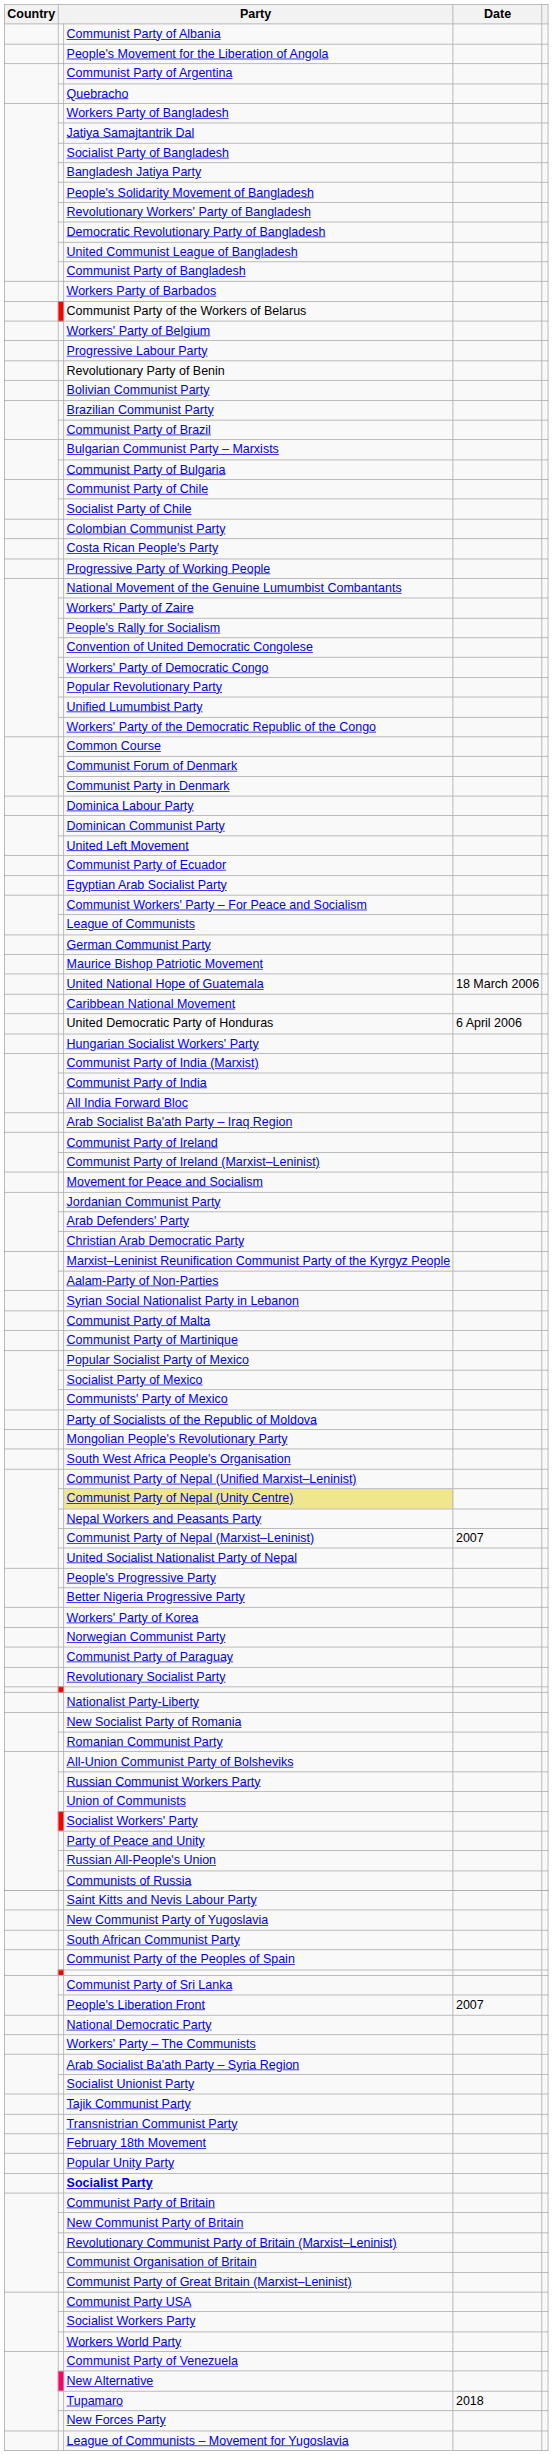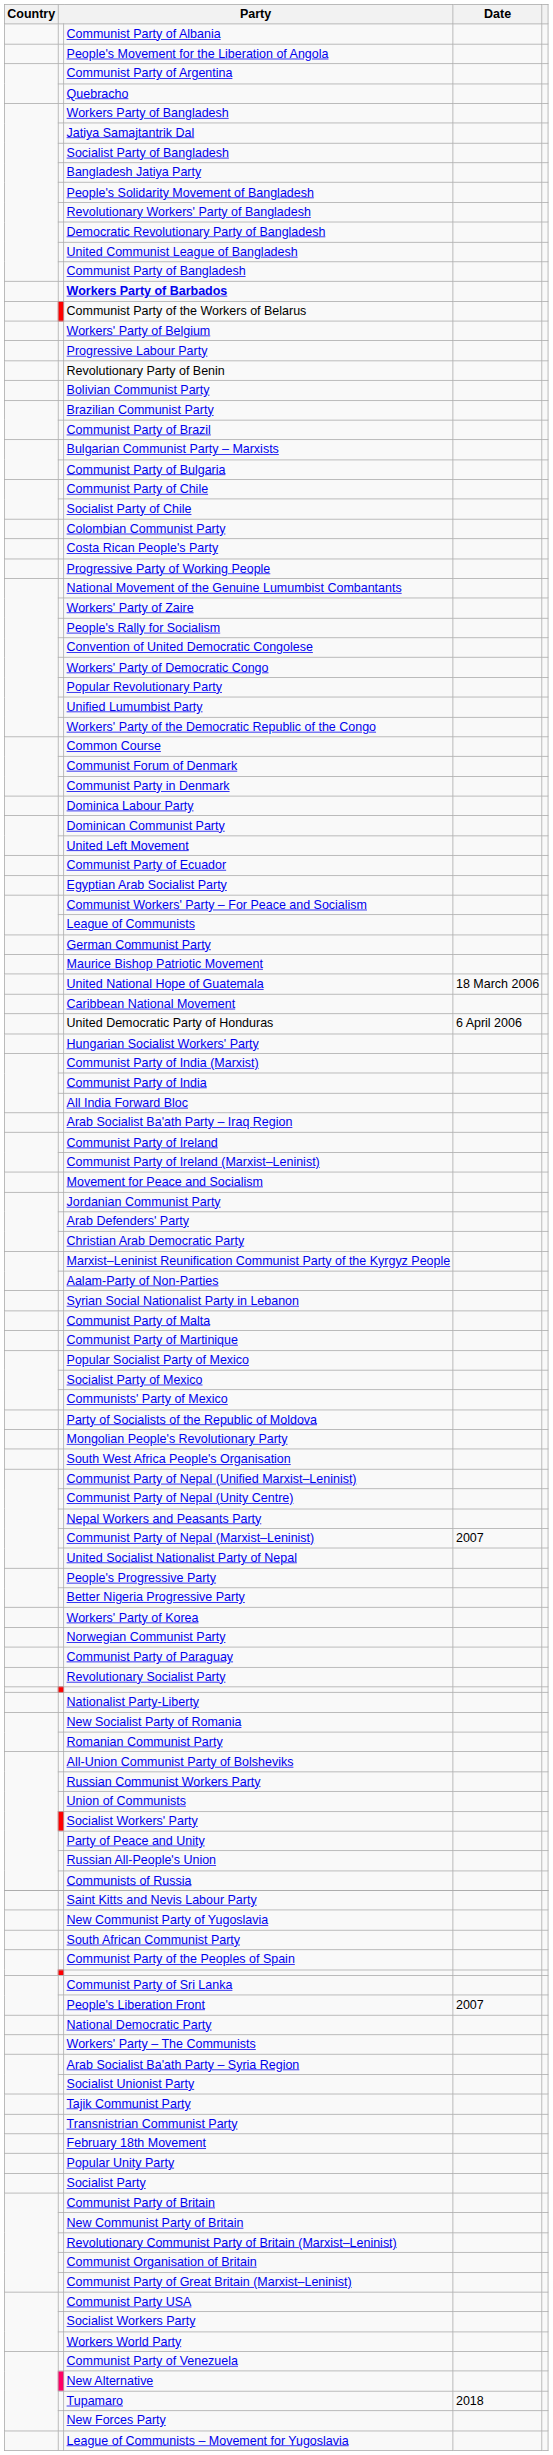 <table class="wikitable sortable">
 <tr>
 <th>Country</th>
 <th colspan="2">Party</th>
 <th>Date</th>
 <th class="unsortable"></th>
 </tr>
 <tr>
 <td></td>
 <td style="background-color: "></td>
 <td><a href='#'>Communist Party of Albania</a></td>
 <td></td>
 <td></td>
 </tr>
 <tr>
 <td></td>
 <td style="background-color: "></td>
 <td><a href='#'>People's Movement for the Liberation of Angola</a></td>
 <td></td>
 <td></td>
 </tr>
 <tr>
 <td rowspan=2></td>
 <td style="background-color: "></td>
 <td><a href='#'>Communist Party of Argentina</a></td>
 <td></td>
 <td></td>
 </tr>
 <tr>
 <td></td>
 <td><a href='#'>Quebracho</a></td>
 <td></td>
 <td></td>
 </tr>
 <tr>
 <td rowspan=9></td>
 <td style="background-color: "></td>
 <td><a href='#'>Workers Party of Bangladesh</a></td>
 <td></td>
 <td></td>
 </tr>
 <tr>
 <td style="background-color: "></td>
 <td><a href='#'>Jatiya Samajtantrik Dal</a></td>
 <td></td>
 <td></td>
 </tr>
 <tr>
 <td style="background-color: "></td>
 <td><a href='#'>Socialist Party of Bangladesh</a></td>
 <td></td>
 <td></td>
 </tr>
 <tr>
 <td style="background-color: "></td>
 <td><a href='#'>Bangladesh Jatiya Party</a></td>
 <td></td>
 <td></td>
 </tr>
 <tr>
 <td></td>
 <td><a href='#'>People's Solidarity Movement of Bangladesh</a></td>
 <td></td>
 <td></td>
 </tr>
 <tr>
 <td style="background-color: "></td>
 <td><a href='#'>Revolutionary Workers' Party of Bangladesh</a></td>
 <td></td>
 <td></td>
 </tr>
 <tr>
 <td></td>
 <td><a href='#'>Democratic Revolutionary Party of Bangladesh</a></td>
 <td></td>
 <td></td>
 </tr>
 <tr>
 <td style="background-color: "></td>
 <td><a href='#'>United Communist League of Bangladesh</a></td>
 <td></td>
 <td></td>
 </tr>
 <tr>
 <td style="background-color: "></td>
 <td><a href='#'>Communist Party of Bangladesh</a></td>
 <td></td>
 <td></td>
 </tr>
 <tr>
 <td></td>
 <td style="background-color: "></td>
-<td><a href='#'>Workers Party of Barbados</a></td>
+<td><strong><a href='#'>Workers Party of Barbados</a></strong></td>
 <td></td>
 <td></td>
 </tr>
 <tr>
 <td></td>
 <td style="background-color: #FF0000"></td>
 <td>Communist Party of the Workers of Belarus</td>
 <td></td>
 <td></td>
 </tr>
 <tr>
 <td></td>
 <td style="background-color: "></td>
 <td><a href='#'>Workers' Party of Belgium</a></td>
 <td></td>
 <td></td>
 </tr>
 <tr>
 <td></td>
 <td style="background-color: "></td>
 <td><a href='#'>Progressive Labour Party</a></td>
 <td></td>
 <td></td>
 </tr>
 <tr>
 <td></td>
 <td></td>
 <td>Revolutionary Party of Benin</td>
 <td></td>
 <td></td>
 </tr>
 <tr>
 <td></td>
 <td style="background-color: "></td>
 <td><a href='#'>Bolivian Communist Party</a></td>
 <td></td>
 <td></td>
 </tr>
 <tr>
 <td rowspan=2></td>
 <td style="background-color: "></td>
 <td><a href='#'>Brazilian Communist Party</a></td>
 <td></td>
 <td></td>
 </tr>
 <tr>
 <td style="background-color: "></td>
 <td><a href='#'>Communist Party of Brazil</a></td>
 <td></td>
 <td></td>
 </tr>
 <tr>
 <td rowspan=2></td>
 <td style="background-color: "></td>
 <td><a href='#'>Bulgarian Communist Party – Marxists</a></td>
 <td></td>
 <td></td>
 </tr>
 <tr>
 <td style="background-color: "></td>
 <td><a href='#'>Communist Party of Bulgaria</a></td>
 <td></td>
 <td></td>
 </tr>
 <tr>
 <td rowspan=2></td>
 <td style="background-color: "></td>
 <td><a href='#'>Communist Party of Chile</a></td>
 <td></td>
 <td></td>
 </tr>
 <tr>
 <td style="background-color: "></td>
 <td><a href='#'>Socialist Party of Chile</a></td>
 <td></td>
 <td></td>
 </tr>
 <tr>
 <td></td>
 <td style="background-color: "></td>
 <td><a href='#'>Colombian Communist Party</a></td>
 <td></td>
 <td></td>
 </tr>
 <tr>
 <td></td>
 <td style="background-color: "></td>
 <td><a href='#'>Costa Rican People's Party</a></td>
 <td></td>
 <td></td>
 </tr>
 <tr>
 <td></td>
 <td style="background-color: "></td>
 <td><a href='#'>Progressive Party of Working People</a></td>
 <td></td>
 <td></td>
 </tr>
 <tr>
 <td rowspan=8></td>
 <td></td>
 <td><a href='#'>National Movement of the Genuine Lumumbist Combantants</a></td>
 <td></td>
 <td></td>
 </tr>
 <tr>
 <td style="background-color: "></td>
 <td><a href='#'>Workers' Party of Zaire</a></td>
 <td></td>
 <td></td>
 </tr>
 <tr>
 <td style="background-color: "></td>
 <td><a href='#'>People's Rally for Socialism</a></td>
 <td></td>
 <td></td>
 </tr>
 <tr>
 <td></td>
 <td><a href='#'>Convention of United Democratic Congolese</a></td>
 <td></td>
 <td></td>
 </tr>
 <tr>
 <td style="background-color: "></td>
 <td><a href='#'>Workers' Party of Democratic Congo</a></td>
 <td></td>
 <td></td>
 </tr>
 <tr>
 <td></td>
 <td><a href='#'>Popular Revolutionary Party</a></td>
 <td></td>
 <td></td>
 </tr>
 <tr>
 <td style="background-color: "></td>
 <td><a href='#'>Unified Lumumbist Party</a></td>
 <td></td>
 <td></td>
 </tr>
 <tr>
 <td style="background-color: "></td>
 <td><a href='#'>Workers' Party of the Democratic Republic of the Congo</a></td>
 <td></td>
 <td></td>
 </tr>
 <tr>
 <td rowspan=3></td>
 <td style="background-color: "></td>
 <td><a href='#'>Common Course</a></td>
 <td></td>
 <td></td>
 </tr>
 <tr>
 <td style="background-color: "></td>
 <td><a href='#'>Communist Forum of Denmark</a></td>
 <td></td>
 <td></td>
 </tr>
 <tr>
 <td style="background-color: "></td>
 <td><a href='#'>Communist Party in Denmark</a></td>
 <td></td>
 <td></td>
 </tr>
 <tr>
 <td></td>
 <td style="background-color: "></td>
 <td><a href='#'>Dominica Labour Party</a></td>
 <td></td>
 <td></td>
 </tr>
 <tr>
 <td rowspan=2></td>
 <td style="background-color: "></td>
 <td><a href='#'>Dominican Communist Party</a></td>
 <td></td>
 <td></td>
 </tr>
 <tr>
 <td style="background-color: "></td>
 <td><a href='#'>United Left Movement</a></td>
 <td></td>
 <td></td>
 </tr>
 <tr>
 <td></td>
 <td style="background-color: "></td>
 <td><a href='#'>Communist Party of Ecuador</a></td>
 <td></td>
 <td></td>
 </tr>
 <tr>
 <td></td>
 <td style="background-color: "></td>
 <td><a href='#'>Egyptian Arab Socialist Party</a></td>
 <td></td>
 <td></td>
 </tr>
 <tr>
 <td rowspan=2></td>
 <td style="background-color: "></td>
 <td><a href='#'>Communist Workers' Party – For Peace and Socialism</a></td>
 <td></td>
 <td></td>
 </tr>
 <tr>
 <td style="background-color: "></td>
 <td><a href='#'>League of Communists</a></td>
 <td></td>
 <td></td>
 </tr>
 <tr>
 <td></td>
 <td style="background-color: "></td>
 <td><a href='#'>German Communist Party</a></td>
 <td></td>
 <td></td>
 </tr>
 <tr>
 <td></td>
 <td></td>
 <td><a href='#'>Maurice Bishop Patriotic Movement</a></td>
 <td></td>
 <td></td>
 </tr>
 <tr>
 <td></td>
 <td></td>
 <td><a href='#'>United National Hope of Guatemala</a></td>
 <td>18 March 2006</td>
 <td></td>
 </tr>
 <tr>
 <td></td>
 <td></td>
 <td><a href='#'>Caribbean National Movement</a></td>
 <td></td>
 <td></td>
 </tr>
 <tr>
 <td></td>
 <td></td>
 <td>United Democratic Party of Honduras</td>
 <td>6 April 2006</td>
 <td></td>
 </tr>
 <tr>
 <td></td>
 <td style="background-color: "></td>
 <td><a href='#'>Hungarian Socialist Workers' Party</a></td>
 <td></td>
 <td></td>
 </tr>
 <tr>
 <td rowspan=3></td>
 <td style="background-color: "></td>
 <td><a href='#'>Communist Party of India (Marxist)</a></td>
 <td></td>
 <td></td>
 </tr>
 <tr>
 <td style="background-color: "></td>
 <td><a href='#'>Communist Party of India</a></td>
 <td></td>
 <td></td>
 </tr>
 <tr>
 <td style="background-color: "></td>
 <td><a href='#'>All India Forward Bloc</a></td>
 <td></td>
 <td></td>
 </tr>
 <tr>
 <td></td>
 <td style="background-color: "></td>
 <td><a href='#'>Arab Socialist Ba'ath Party – Iraq Region</a></td>
 <td></td>
 <td></td>
 </tr>
 <tr>
 <td rowspan=2></td>
 <td style="background-color: "></td>
 <td><a href='#'>Communist Party of Ireland</a></td>
 <td></td>
 <td></td>
 </tr>
 <tr>
 <td style="background-color: "></td>
 <td><a href='#'>Communist Party of Ireland (Marxist–Leninist)</a></td>
 <td></td>
 <td></td>
 </tr>
 <tr>
 <td></td>
 <td style="background-color: "></td>
 <td><a href='#'>Movement for Peace and Socialism</a></td>
 <td></td>
 <td></td>
 </tr>
 <tr>
 <td rowspan=3></td>
 <td style="background-color: "></td>
 <td><a href='#'>Jordanian Communist Party</a></td>
 <td></td>
 <td></td>
 </tr>
 <tr>
 <td></td>
 <td><a href='#'>Arab Defenders' Party</a></td>
 <td></td>
 <td></td>
 </tr>
 <tr>
 <td></td>
 <td><a href='#'>Christian Arab Democratic Party</a></td>
 <td></td>
 <td></td>
 </tr>
 <tr>
 <td rowspan=2></td>
 <td style="background-color: "></td>
 <td><a href='#'>Marxist–Leninist Reunification Communist Party of the Kyrgyz People</a></td>
 <td></td>
 <td></td>
 </tr>
 <tr>
 <td></td>
 <td><a href='#'>Aalam-Party of Non-Parties</a></td>
 <td></td>
 <td></td>
 </tr>
 <tr>
 <td></td>
 <td style="background-color: "></td>
 <td><a href='#'>Syrian Social Nationalist Party in Lebanon</a></td>
 <td></td>
 <td></td>
 </tr>
 <tr>
 <td></td>
 <td style="background-color: "></td>
 <td><a href='#'>Communist Party of Malta</a></td>
 <td></td>
 <td></td>
 </tr>
 <tr>
 <td></td>
 <td style="background-color: "></td>
 <td><a href='#'>Communist Party of Martinique</a></td>
 <td></td>
 <td></td>
 </tr>
 <tr>
 <td rowspan=3></td>
 <td style="background-color: "></td>
 <td><a href='#'>Popular Socialist Party of Mexico</a></td>
 <td></td>
 <td></td>
 </tr>
 <tr>
 <td style="background-color: "></td>
 <td><a href='#'>Socialist Party of Mexico</a></td>
 <td></td>
 <td></td>
 </tr>
 <tr>
 <td style="background-color: "></td>
 <td><a href='#'>Communists' Party of Mexico</a></td>
 <td></td>
 <td></td>
 </tr>
 <tr>
 <td></td>
 <td style="background-color: "></td>
 <td><a href='#'>Party of Socialists of the Republic of Moldova</a></td>
 <td></td>
 <td></td>
 </tr>
 <tr>
 <td></td>
 <td style="background-color: "></td>
 <td><a href='#'>Mongolian People's Revolutionary Party</a></td>
 <td></td>
 <td></td>
 </tr>
 <tr>
 <td></td>
 <td style="background-color: "></td>
 <td><a href='#'>South West Africa People's Organisation</a></td>
 <td></td>
 <td></td>
 </tr>
 <tr>
 <td rowspan=5></td>
 <td style="background-color: "></td>
 <td><a href='#'>Communist Party of Nepal (Unified Marxist–Leninist)</a></td>
 <td></td>
 <td></td>
 </tr>
 <tr>
 <td style="background-color: "></td>
-<td style="background: khaki;"><a href='#'>Communist Party of Nepal (Unity Centre)</a></td>
+<td><a href='#'>Communist Party of Nepal (Unity Centre)</a></td>
 <td></td>
 <td></td>
 </tr>
 <tr>
 <td style="background-color: "></td>
 <td><a href='#'>Nepal Workers and Peasants Party</a></td>
 <td></td>
 <td></td>
 </tr>
 <tr>
 <td style="background-color: "></td>
 <td><a href='#'>Communist Party of Nepal (Marxist–Leninist)</a></td>
 <td>2007</td>
 <td></td>
 </tr>
 <tr>
 <td style="background-color: "></td>
 <td><a href='#'>United Socialist Nationalist Party of Nepal</a></td>
 <td></td>
 <td></td>
 </tr>
 <tr>
 <td rowspan=2></td>
 <td></td>
 <td><a href='#'>People's Progressive Party</a></td>
 <td></td>
 <td></td>
 </tr>
 <tr>
 <td></td>
 <td><a href='#'>Better Nigeria Progressive Party</a></td>
 <td></td>
 <td></td>
 </tr>
 <tr>
 <td></td>
 <td style="background-color: "></td>
 <td><a href='#'>Workers' Party of Korea</a></td>
 <td></td>
 <td></td>
 </tr>
 <tr>
 <td></td>
 <td style="background-color: "></td>
 <td><a href='#'>Norwegian Communist Party</a></td>
 <td></td>
 <td></td>
 </tr>
 <tr>
 <td></td>
 <td style="background-color: "></td>
 <td><a href='#'>Communist Party of Paraguay</a></td>
 <td></td>
 <td></td>
 </tr>
 <tr>
 <td></td>
 <td style="background-color: "></td>
 <td><a href='#'>Revolutionary Socialist Party</a></td>
 <td></td>
 <td></td>
 </tr>
 <tr>
 <td></td>
 <td style="background-color: Red"></td>
 <td></td>
 <td></td>
 <td></td>
 </tr>
 <tr>
 <td></td>
 <td></td>
 <td><a href='#'>Nationalist Party-Liberty</a></td>
 <td></td>
 <td></td>
 </tr>
 <tr>
 <td rowspan=2></td>
 <td style="background-color: "></td>
 <td><a href='#'>New Socialist Party of Romania</a></td>
 <td></td>
 <td></td>
 </tr>
 <tr>
 <td style="background-color: "></td>
 <td><a href='#'>Romanian Communist Party</a></td>
 <td></td>
 <td></td>
 </tr>
 <tr>
 <td rowspan=7></td>
 <td style="background-color: "></td>
 <td><a href='#'>All-Union Communist Party of Bolsheviks</a></td>
 <td></td>
 <td></td>
 </tr>
 <tr>
 <td style="background-color: "></td>
 <td><a href='#'>Russian Communist Workers Party</a></td>
 <td></td>
 <td></td>
 </tr>
 <tr>
 <td style="background-color: "></td>
 <td><a href='#'>Union of Communists</a></td>
 <td></td>
 <td></td>
 </tr>
 <tr>
 <td style="background-color:#FF0000"></td>
 <td><a href='#'>Socialist Workers' Party</a></td>
 <td></td>
 <td></td>
 </tr>
 <tr>
 <td style="background-color: "></td>
 <td><a href='#'>Party of Peace and Unity</a></td>
 <td></td>
 <td></td>
 </tr>
 <tr>
 <td style="background-color: "></td>
 <td><a href='#'>Russian All-People's Union</a></td>
 <td></td>
 <td></td>
 </tr>
 <tr>
 <td style="background-color: "></td>
 <td><a href='#'>Communists of Russia</a></td>
 <td></td>
 <td></td>
 </tr>
 <tr>
 </tr>
 <tr>
 <td></td>
 <td style="background-color: "></td>
 <td><a href='#'>Saint Kitts and Nevis Labour Party</a></td>
 <td></td>
 <td></td>
 </tr>
 <tr>
 <td></td>
 <td></td>
 <td><a href='#'>New Communist Party of Yugoslavia</a></td>
 <td></td>
 <td></td>
 </tr>
 <tr>
 <td></td>
 <td style="background-color: "></td>
 <td><a href='#'>South African Communist Party</a></td>
 <td></td>
 <td></td>
 </tr>
 <tr>
 <td rowspan=2></td>
 <td style="background-color: "></td>
 <td><a href='#'>Communist Party of the Peoples of Spain</a></td>
 <td></td>
 <td></td>
 </tr>
 <tr>
 <td style="background-color: #FF0002"></td>
 <td></td>
 <td></td>
 <td></td>
 </tr>
 <tr>
 <td rowspan=2></td>
 <td style="background-color: "></td>
 <td><a href='#'>Communist Party of Sri Lanka</a></td>
 <td></td>
 <td></td>
 </tr>
 <tr>
 <td style="background-color: "></td>
 <td><a href='#'>People's Liberation Front</a></td>
 <td>2007</td>
 <td></td>
 </tr>
 <tr>
 <td></td>
 <td style="background-color: "></td>
 <td><a href='#'>National Democratic Party</a></td>
 <td></td>
 <td></td>
 </tr>
 <tr>
 <td></td>
 <td style="background-color: "></td>
 <td><a href='#'>Workers' Party – The Communists</a></td>
 <td></td>
 <td></td>
 </tr>
 <tr>
 <td rowspan=2></td>
 <td style="background-color: "></td>
 <td><a href='#'>Arab Socialist Ba'ath Party – Syria Region</a></td>
 <td></td>
 <td></td>
 </tr>
 <tr>
 <td style="background-color: "></td>
 <td><a href='#'>Socialist Unionist Party</a></td>
 <td></td>
 <td></td>
 </tr>
 <tr>
 <td></td>
 <td style="background-color: "></td>
 <td><a href='#'>Tajik Communist Party</a></td>
 <td></td>
 <td></td>
 </tr>
 <tr>
 <td></td>
 <td style="background-color: "></td>
 <td><a href='#'>Transnistrian Communist Party</a></td>
 <td></td>
 <td></td>
 </tr>
 <tr>
 <td></td>
 <td></td>
 <td><a href='#'>February 18th Movement</a></td>
 <td></td>
 <td></td>
 </tr>
 <tr>
 <td></td>
 <td style="background-color: "></td>
 <td><a href='#'>Popular Unity Party</a></td>
 <td></td>
 <td></td>
 </tr>
 <tr>
 <td></td>
 <td style="background-color: "></td>
-<td><strong><a href='#'>Socialist Party</a></strong></td>
+<td><a href='#'>Socialist Party</a></td>
 <td></td>
 <td></td>
 </tr>
 <tr>
 <td rowspan=5></td>
 <td style="background-color: "></td>
 <td><a href='#'>Communist Party of Britain</a></td>
 <td></td>
 <td></td>
 </tr>
 <tr>
 <td style="background-color: "></td>
 <td><a href='#'>New Communist Party of Britain</a></td>
 <td></td>
 <td></td>
 </tr>
 <tr>
 <td style="background-color: "></td>
 <td><a href='#'>Revolutionary Communist Party of Britain (Marxist–Leninist)</a></td>
 <td></td>
 <td></td>
 </tr>
 <tr>
 <td style="background-color: "></td>
 <td><a href='#'>Communist Organisation of Britain</a></td>
 <td></td>
 <td></td>
 </tr>
 <tr>
 <td style="background-color: "></td>
 <td><a href='#'>Communist Party of Great Britain (Marxist–Leninist)</a></td>
 <td></td>
 <td></td>
 </tr>
 <tr>
 <td rowspan=3></td>
 <td style="background-color: "></td>
 <td><a href='#'>Communist Party USA</a></td>
 <td></td>
 <td></td>
 </tr>
 <tr>
 <td style="background-color: "></td>
 <td><a href='#'>Socialist Workers Party</a></td>
 <td></td>
 <td></td>
 </tr>
 <tr>
 <td style="background-color: "></td>
 <td><a href='#'>Workers World Party</a></td>
 <td></td>
 <td></td>
 </tr>
 <tr>
 <td rowspan=4></td>
 <td style="background-color: "></td>
 <td><a href='#'>Communist Party of Venezuela</a></td>
 <td></td>
 <td></td>
 </tr>
 <tr>
 <td style="background-color: #FF0066"></td>
 <td><a href='#'>New Alternative</a></td>
 <td></td>
 <td></td>
 </tr>
 <tr>
 <td style="background-color: "></td>
 <td><a href='#'>Tupamaro</a></td>
 <td>2018</td>
 <td></td>
 </tr>
 <tr>
 <td></td>
 <td><a href='#'>New Forces Party</a></td>
 <td></td>
 <td></td>
 </tr>
 <tr>
 <td></td>
 <td style="background-color: "></td>
 <td><a href='#'>League of Communists – Movement for Yugoslavia</a></td>
 <td></td>
 <td></td>
 </tr>
 </table>
